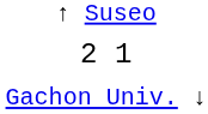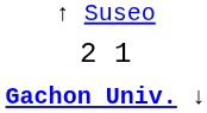 <table style="text-align:center;">
 <tr>
 <td><small> ↑ <a href='#'>Suseo</a></small></td>
 </tr>
 <tr>
 <td><span>2</span>   <span>1</span></td>
 </tr>
 <tr>
-<td><small> <a href='#'>Gachon Univ.</a> ↓ </small></td>
+<td><strong><small> <a href='#'>Gachon Univ.</a> ↓ </small></strong></td>
 </tr>
 </table>
